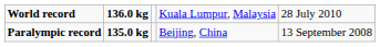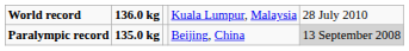 <table class="wikitable">
 <tr>
 <td><strong>World record</strong></td>
 <td><strong>136.0 kg</strong></td>
 <td></td>
 <td><a href='#'>Kuala Lumpur</a>, <a href='#'>Malaysia</a></td>
 <td>28 July 2010</td>
 </tr>
 <tr>
 <td><strong>Paralympic record</strong></td>
 <td><strong>135.0 kg</strong></td>
 <td></td>
 <td><a href='#'>Beijing</a>, <a href='#'>China</a></td>
-<td>13 September 2008</td>
+<td style="background: lightgrey;">13 September 2008</td>
 </tr>
 </table>
